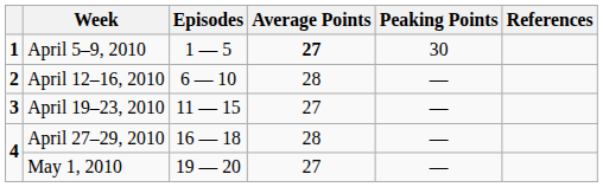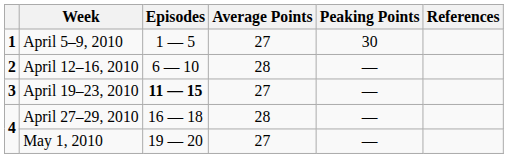 <table class="wikitable">
 <tr>
 <th></th>
 <th>Week</th>
 <th>Episodes</th>
 <th>Average Points</th>
 <th>Peaking Points</th>
 <th>References</th>
 </tr>
 <tr>
 <td style="text-align:center;"><strong>1</strong></td>
 <td>April 5–9, 2010</td>
 <td style="text-align:center;">1 — 5</td>
-<td style="text-align:center;"><strong>27</strong></td>
+<td style="text-align:center;">27</td>
 <td style="text-align:center;">30</td>
 <td></td>
 </tr>
 <tr>
 <td style="text-align:center;"><strong>2</strong></td>
 <td>April 12–16, 2010</td>
 <td style="text-align:center;">6 — 10</td>
 <td style="text-align:center;">28</td>
 <td style="text-align:center;">—</td>
 <td></td>
 </tr>
 <tr>
 <td style="text-align:center;"><strong>3</strong></td>
 <td>April 19–23, 2010</td>
-<td style="text-align:center;">11 — 15</td>
+<td style="text-align:center;"><strong>11 — 15</strong></td>
 <td style="text-align:center;">27</td>
 <td style="text-align:center;">—</td>
 <td></td>
 </tr>
 <tr>
 <td rowspan="2" style="text-align:center;"><strong>4</strong></td>
 <td>April 27–29, 2010</td>
 <td style="text-align:center;">16 — 18</td>
 <td style="text-align:center;">28</td>
 <td style="text-align:center;">—</td>
 <td></td>
 </tr>
 <tr>
 <td>May 1, 2010</td>
 <td style="text-align:center;">19 — 20</td>
 <td style="text-align:center;">27</td>
 <td style="text-align:center;">—</td>
 <td></td>
 </tr>
 </table>
